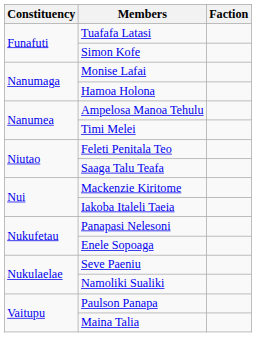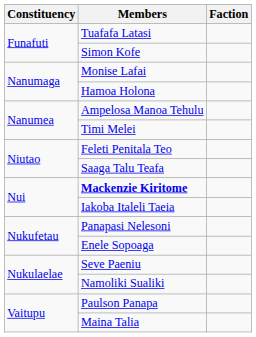 <table class="wikitable">
 <tr>
 <th>Constituency</th>
 <th>Members</th>
 <th>Faction</th>
 </tr>
 <tr>
 <td rowspan=2><a href='#'>Funafuti</a></td>
 <td><a href='#'>Tuafafa Latasi</a></td>
 <td></td>
 </tr>
 <tr>
 <td><a href='#'>Simon Kofe</a></td>
 <td></td>
 </tr>
 <tr>
 <td rowspan=2><a href='#'>Nanumaga</a></td>
 <td><a href='#'>Monise Lafai</a></td>
 <td></td>
 </tr>
 <tr>
 <td><a href='#'>Hamoa Holona</a></td>
 <td></td>
 </tr>
 <tr>
 <td rowspan=2><a href='#'>Nanumea</a></td>
 <td><a href='#'>Ampelosa Manoa Tehulu</a></td>
 <td></td>
 </tr>
 <tr>
 <td><a href='#'>Timi Melei</a></td>
 <td></td>
 </tr>
 <tr>
 <td rowspan=2><a href='#'>Niutao</a></td>
 <td><a href='#'>Feleti Penitala Teo</a></td>
 <td></td>
 </tr>
 <tr>
 <td><a href='#'>Saaga Talu Teafa</a></td>
 <td></td>
 </tr>
 <tr>
 <td rowspan=2><a href='#'>Nui</a></td>
-<td><a href='#'>Mackenzie Kiritome</a></td>
+<td><strong><a href='#'>Mackenzie Kiritome</a></strong></td>
 <td></td>
 </tr>
 <tr>
 <td><a href='#'>Iakoba Italeli Taeia</a></td>
 <td></td>
 </tr>
 <tr>
 <td rowspan=2><a href='#'>Nukufetau</a></td>
 <td><a href='#'>Panapasi Nelesoni</a></td>
 <td></td>
 </tr>
 <tr>
 <td><a href='#'>Enele Sopoaga</a></td>
 <td></td>
 </tr>
 <tr>
 <td rowspan=2><a href='#'>Nukulaelae</a></td>
 <td><a href='#'>Seve Paeniu</a></td>
 <td></td>
 </tr>
 <tr>
 <td><a href='#'>Namoliki Sualiki</a></td>
 <td></td>
 </tr>
 <tr>
 <td rowspan=2><a href='#'>Vaitupu</a></td>
 <td><a href='#'>Paulson Panapa</a></td>
 <td></td>
 </tr>
 <tr>
 <td><a href='#'>Maina Talia</a></td>
 <td></td>
 </tr>
 </table>
